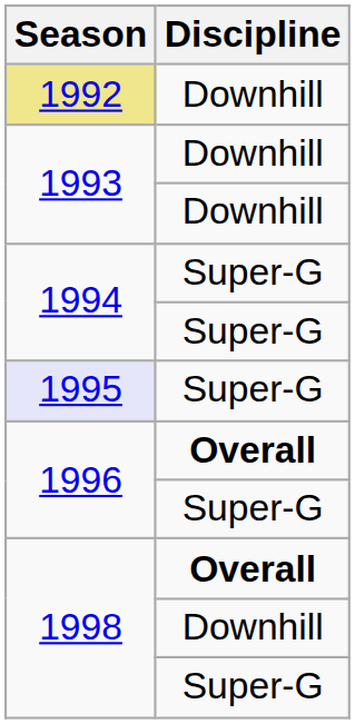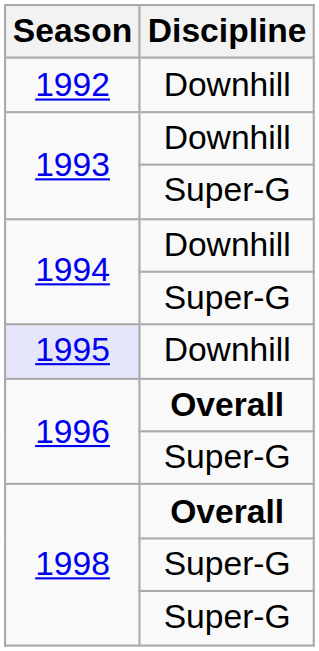 <table class=wikitable style="text-align:center">
 <tr>
 <th>Season</th>
 <th>Discipline</th>
 </tr>
 <tr>
-<td style="background: khaki;"><a href='#'>1992</a></td>
+<td><a href='#'>1992</a></td>
 <td>Downhill</td>
 </tr>
 <tr>
 <td rowspan=2><a href='#'>1993</a></td>
 <td>Downhill</td>
 </tr>
 <tr>
-<td>Downhill</td>
+<td>Super-G</td>
 </tr>
 <tr>
 <td rowspan=2><a href='#'>1994</a></td>
-<td>Super-G</td>
+<td>Downhill</td>
 </tr>
 <tr>
 <td>Super-G</td>
 </tr>
 <tr>
 <td style="background: lavender;"><a href='#'>1995</a></td>
-<td>Super-G</td>
+<td>Downhill</td>
 </tr>
 <tr>
 <td rowspan=2><a href='#'>1996</a></td>
 <td><strong>Overall</strong></td>
 </tr>
 <tr>
 <td>Super-G</td>
 </tr>
 <tr>
 <td rowspan=3><a href='#'>1998</a></td>
 <td><strong>Overall</strong></td>
 </tr>
 <tr>
-<td>Downhill</td>
+<td>Super-G</td>
 </tr>
 <tr>
 <td>Super-G</td>
 </tr>
 </table>
